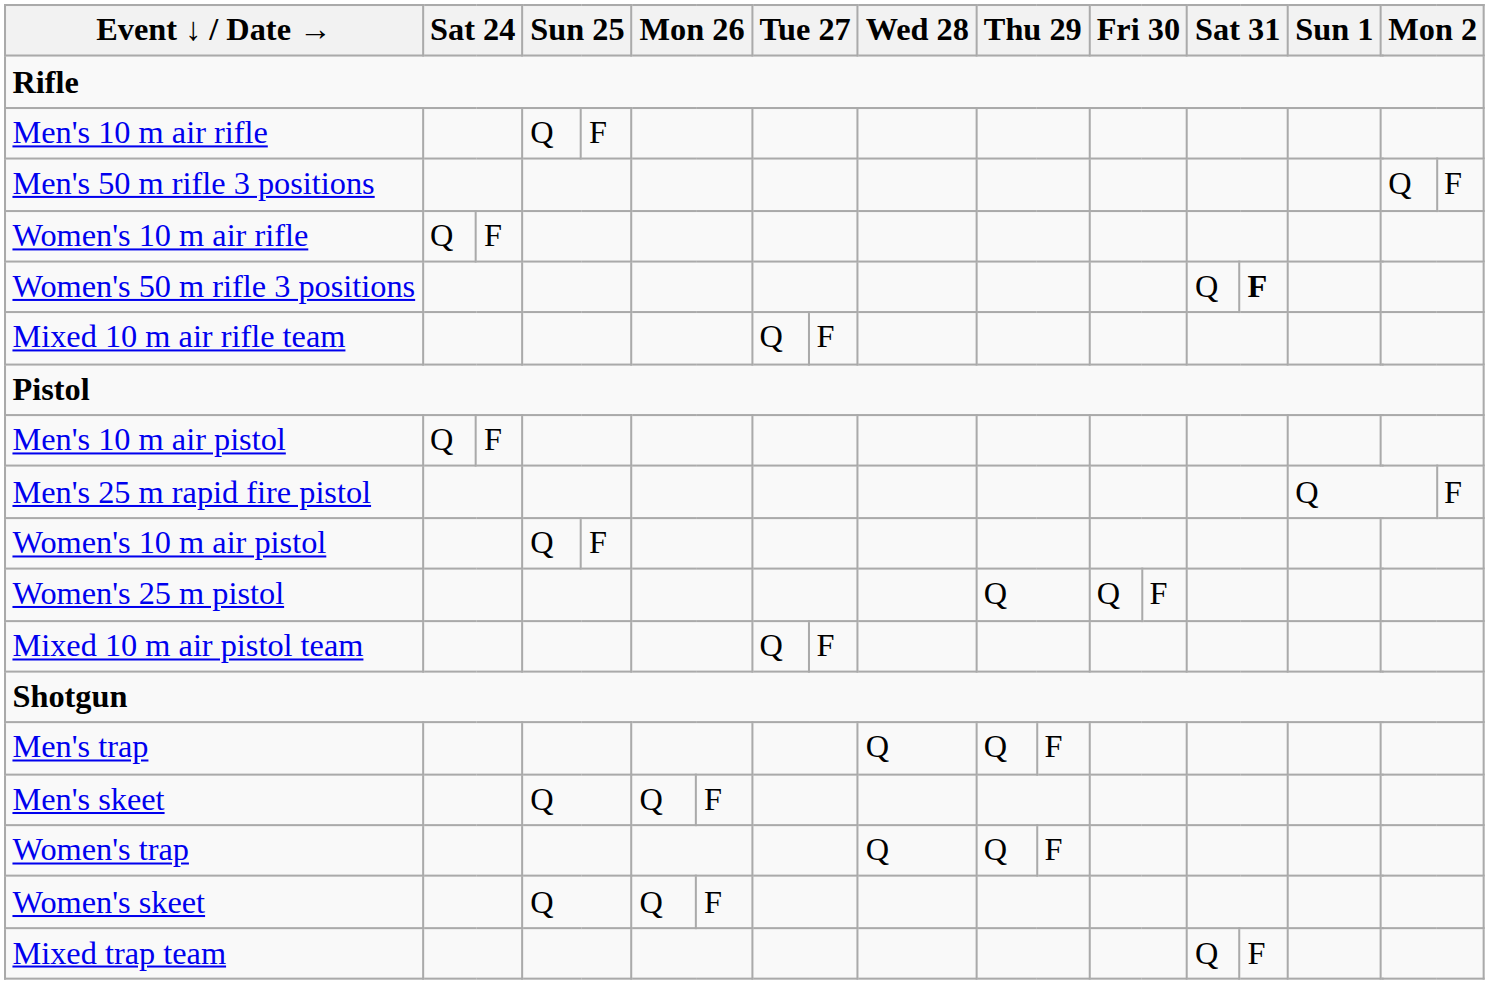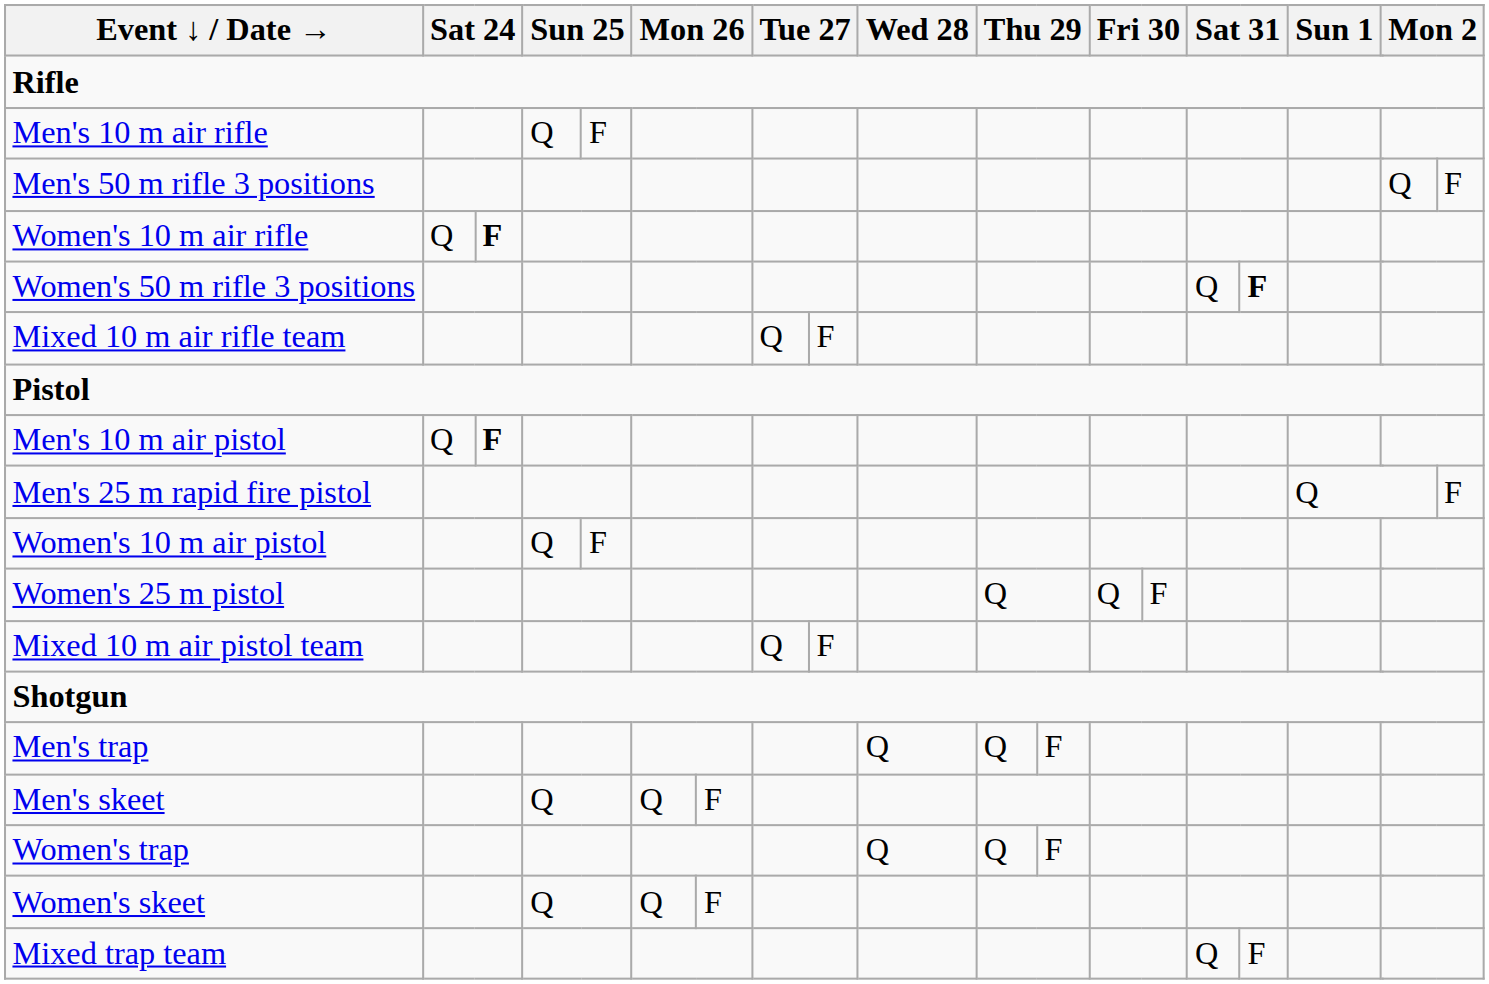 <table class="wikitable olympic-schedule shooting">
 <tr>
 <th>Event ↓ / Date →</th>
 <th colspan=2>Sat 24</th>
 <th colspan=2>Sun 25</th>
 <th colspan=3>Mon 26</th>
 <th colspan=2>Tue 27</th>
 <th>Wed 28</th>
 <th colspan=2>Thu 29</th>
 <th colspan=2>Fri 30</th>
 <th colspan=2>Sat 31</th>
 <th colspan=2>Sun 1</th>
 <th colspan=2>Mon 2</th>
 </tr>
 <tr>
 <td colspan=21 class="event"><strong>Rifle</strong></td>
 </tr>
 <tr>
 <td class="event"><a href='#'>Men's 10 m air rifle</a></td>
 <td colspan=2></td>
 <td class="qualifiers">Q</td>
 <td class="final">F</td>
 <td colspan=3></td>
 <td colspan=2></td>
 <td></td>
 <td colspan=2></td>
 <td colspan=2></td>
 <td colspan=2></td>
 <td colspan=2></td>
 <td colspan=2></td>
 </tr>
 <tr>
 <td class="event"><a href='#'>Men's 50 m rifle 3 positions</a></td>
 <td colspan=2></td>
 <td colspan=2></td>
 <td colspan=3></td>
 <td colspan=2></td>
 <td></td>
 <td colspan=2></td>
 <td colspan=2></td>
 <td colspan=2></td>
 <td colspan=2></td>
 <td class="qualifiers">Q</td>
 <td class="final">F</td>
 </tr>
 <tr>
 <td class="event"><a href='#'>Women's 10 m air rifle</a></td>
 <td class="qualifiers">Q</td>
-<td class="final">F</td>
+<td class="final"><strong>F</strong></td>
 <td colspan=2></td>
 <td colspan=3></td>
 <td colspan=2></td>
 <td></td>
 <td colspan=2></td>
 <td colspan=2></td>
 <td colspan=2></td>
 <td colspan=2></td>
 <td colspan=2></td>
 </tr>
 <tr>
 <td class="event"><a href='#'>Women's 50 m rifle 3 positions</a></td>
 <td colspan=2></td>
 <td colspan=2></td>
 <td colspan=3></td>
 <td colspan=2></td>
 <td></td>
 <td colspan=2></td>
 <td colspan=2></td>
 <td class="qualifiers">Q</td>
 <td class="final"><strong>F</strong></td>
 <td colspan=2></td>
 <td colspan=2></td>
 </tr>
 <tr>
 <td class="event"><a href='#'>Mixed 10 m air rifle team</a></td>
 <td colspan=2></td>
 <td colspan=2></td>
 <td colspan=3></td>
 <td class="qualifiers">Q</td>
 <td class="final">F</td>
 <td></td>
 <td colspan=2></td>
 <td colspan=2></td>
 <td colspan=2></td>
 <td colspan=2></td>
 <td colspan=2></td>
 </tr>
 <tr>
 <td colspan=21 class="event"><strong>Pistol</strong></td>
 </tr>
 <tr>
 <td class="event"><a href='#'>Men's 10 m air pistol</a></td>
 <td class="qualifiers">Q</td>
-<td class="final">F</td>
+<td class="final"><strong>F</strong></td>
 <td colspan=2></td>
 <td colspan=3></td>
 <td colspan=2></td>
 <td></td>
 <td colspan=2></td>
 <td colspan=2></td>
 <td colspan=2></td>
 <td colspan=2></td>
 <td colspan=2></td>
 </tr>
 <tr>
 <td class="event"><a href='#'>Men's 25 m rapid fire pistol</a></td>
 <td colspan=2></td>
 <td colspan=2></td>
 <td colspan=3></td>
 <td colspan=2></td>
 <td></td>
 <td colspan=2></td>
 <td colspan=2></td>
 <td colspan=2></td>
 <td colspan=3 class="qualifiers">Q</td>
 <td class="final">F</td>
 </tr>
 <tr>
 <td class="event"><a href='#'>Women's 10 m air pistol</a></td>
 <td colspan=2></td>
 <td class="qualifiers">Q</td>
 <td class="final">F</td>
 <td colspan=3></td>
 <td colspan=2></td>
 <td></td>
 <td colspan=2></td>
 <td colspan=2></td>
 <td colspan=2></td>
 <td colspan=2></td>
 <td colspan=2></td>
 </tr>
 <tr>
 <td class="event"><a href='#'>Women's 25 m pistol</a></td>
 <td colspan=2></td>
 <td colspan=2></td>
 <td colspan=3></td>
 <td colspan=2></td>
 <td></td>
 <td colspan="2" class="qualifiers">Q</td>
 <td class="qualifiers">Q</td>
 <td class="final">F</td>
 <td colspan=2></td>
 <td colspan=2></td>
 <td colspan=2></td>
 </tr>
 <tr>
 <td class="event"><a href='#'>Mixed 10 m air pistol team</a></td>
 <td colspan=2></td>
 <td colspan=2></td>
 <td colspan=3></td>
 <td class="qualifiers">Q</td>
 <td class="final">F</td>
 <td></td>
 <td colspan=2></td>
 <td colspan=2></td>
 <td colspan=2></td>
 <td colspan=2></td>
 <td colspan=2></td>
 </tr>
 <tr>
 <td colspan=21 class="event"><strong>Shotgun</strong></td>
 </tr>
 <tr>
 <td class="event"><a href='#'>Men's trap</a></td>
 <td colspan=2></td>
 <td colspan=2></td>
 <td colspan=3></td>
 <td colspan=2></td>
 <td class="qualifiers">Q</td>
 <td class="qualifiers">Q</td>
 <td class="final">F</td>
 <td colspan=2></td>
 <td colspan=2></td>
 <td colspan=2></td>
 <td colspan=2></td>
 </tr>
 <tr>
 <td class="event"><a href='#'>Men's skeet</a></td>
 <td colspan=2></td>
 <td colspan=3 class="qualifiers">Q</td>
 <td class="qualifiers">Q</td>
 <td class="final">F</td>
 <td colspan=2></td>
 <td></td>
 <td colspan=2></td>
 <td colspan=2></td>
 <td colspan=2></td>
 <td colspan=2></td>
 <td colspan=2></td>
 </tr>
 <tr>
 <td class="event"><a href='#'>Women's trap</a></td>
 <td colspan=2></td>
 <td colspan=2></td>
 <td colspan=3></td>
 <td colspan=2></td>
 <td class="qualifiers">Q</td>
 <td class="qualifiers">Q</td>
 <td class="final">F</td>
 <td colspan=2></td>
 <td colspan=2></td>
 <td colspan=2></td>
 <td colspan=2></td>
 </tr>
 <tr>
 <td class="event"><a href='#'>Women's skeet</a></td>
 <td colspan=2></td>
 <td colspan=3 class="qualifiers">Q</td>
 <td class="qualifiers">Q</td>
 <td class="final">F</td>
 <td colspan=2></td>
 <td></td>
 <td colspan=2></td>
 <td colspan=2></td>
 <td colspan=2></td>
 <td colspan=2></td>
 <td colspan=2></td>
 </tr>
 <tr>
 <td class="event"><a href='#'>Mixed trap team</a></td>
 <td colspan=2></td>
 <td colspan=2></td>
 <td colspan=3></td>
 <td colspan=2></td>
 <td></td>
 <td colspan=2></td>
 <td colspan=2></td>
 <td class="qualifiers">Q</td>
 <td class="final">F</td>
 <td colspan=2></td>
 <td colspan=2></td>
 </tr>
 </table>
